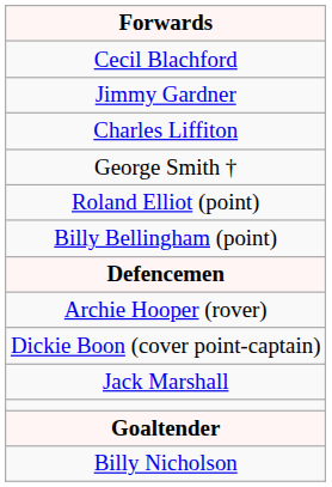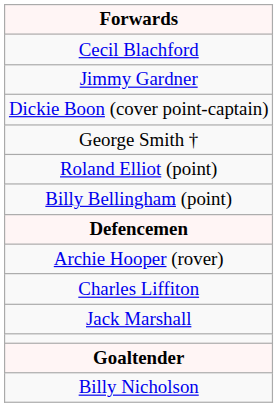 <table class="wikitable" style="text-align:center;">
 <tr style="font-weight:bold; background-color:#FFF5F5;">
 <td colspan="1" align="center"><strong>Forwards</strong></td>
 </tr>
 <tr>
 <td><a href='#'>Cecil Blachford</a></td>
 </tr>
 <tr>
 <td><a href='#'>Jimmy Gardner</a></td>
 </tr>
 <tr>
-<td><a href='#'>Charles Liffiton</a></td>
+<td><a href='#'>Dickie Boon</a> (cover point-captain)</td>
 </tr>
 <tr>
 <td>George Smith †</td>
 </tr>
 <tr>
 <td><a href='#'>Roland Elliot</a> (point)</td>
 </tr>
 <tr>
 <td><a href='#'>Billy Bellingham</a> (point)</td>
 </tr>
 <tr style="font-weight:bold; background-color:#FFF5F5;">
 <td colspan="1" align="center"><strong>Defencemen</strong></td>
 </tr>
 <tr>
 <td><a href='#'>Archie Hooper</a> (rover)</td>
 </tr>
 <tr>
-<td><a href='#'>Dickie Boon</a> (cover point-captain)</td>
+<td><a href='#'>Charles Liffiton</a></td>
 </tr>
 <tr>
 <td><a href='#'>Jack Marshall</a></td>
 </tr>
 <tr>
 <td></td>
 </tr>
 <tr style="font-weight:bold; background-color:#FFF5F5;">
 <td colspan="1" align="center"><strong>Goaltender</strong></td>
 </tr>
 <tr>
 <td><a href='#'>Billy Nicholson</a></td>
 </tr>
 </table>
